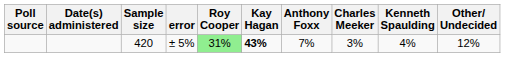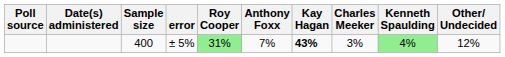 <table class="wikitable">
 <tr valign= bottom>
 <th style="width:150px;">Poll source</th>
 <th style="width:160px;">Date(s)<br>administered</th>
 <th class=small>Sample<br>size</th>
 <th><small></small><br>error</th>
 <th style="width:80px;">Roy<br>Cooper</th>
+<th style="width:80px;">Anthony<br>Foxx</th>
 <th style="width:80px;">Kay<br>Hagan</th>
-<th style="width:80px;">Anthony<br>Foxx</th>
 <th style="width:80px;">Charles<br>Meeker</th>
 <th style="width:90px;">Kenneth<br>Spaulding</th>
 <th>Other/<br>Undecided</th>
 </tr>
 <tr>
 <td></td>
 <td align=center></td>
-<td align=center>420</td>
+<td align=center>400</td>
 <td align=center>± 5%</td>
 <td align=center style="background: lightgreen;">31%</td>
+<td align=center>7%</td>
 <td><strong>43%</strong></td>
-<td align=center>7%</td>
 <td align=center>3%</td>
-<td align=center>4%</td>
+<td align=center style="background: lightgreen;">4%</td>
 <td align=center>12%</td>
 </tr>
 </table>
